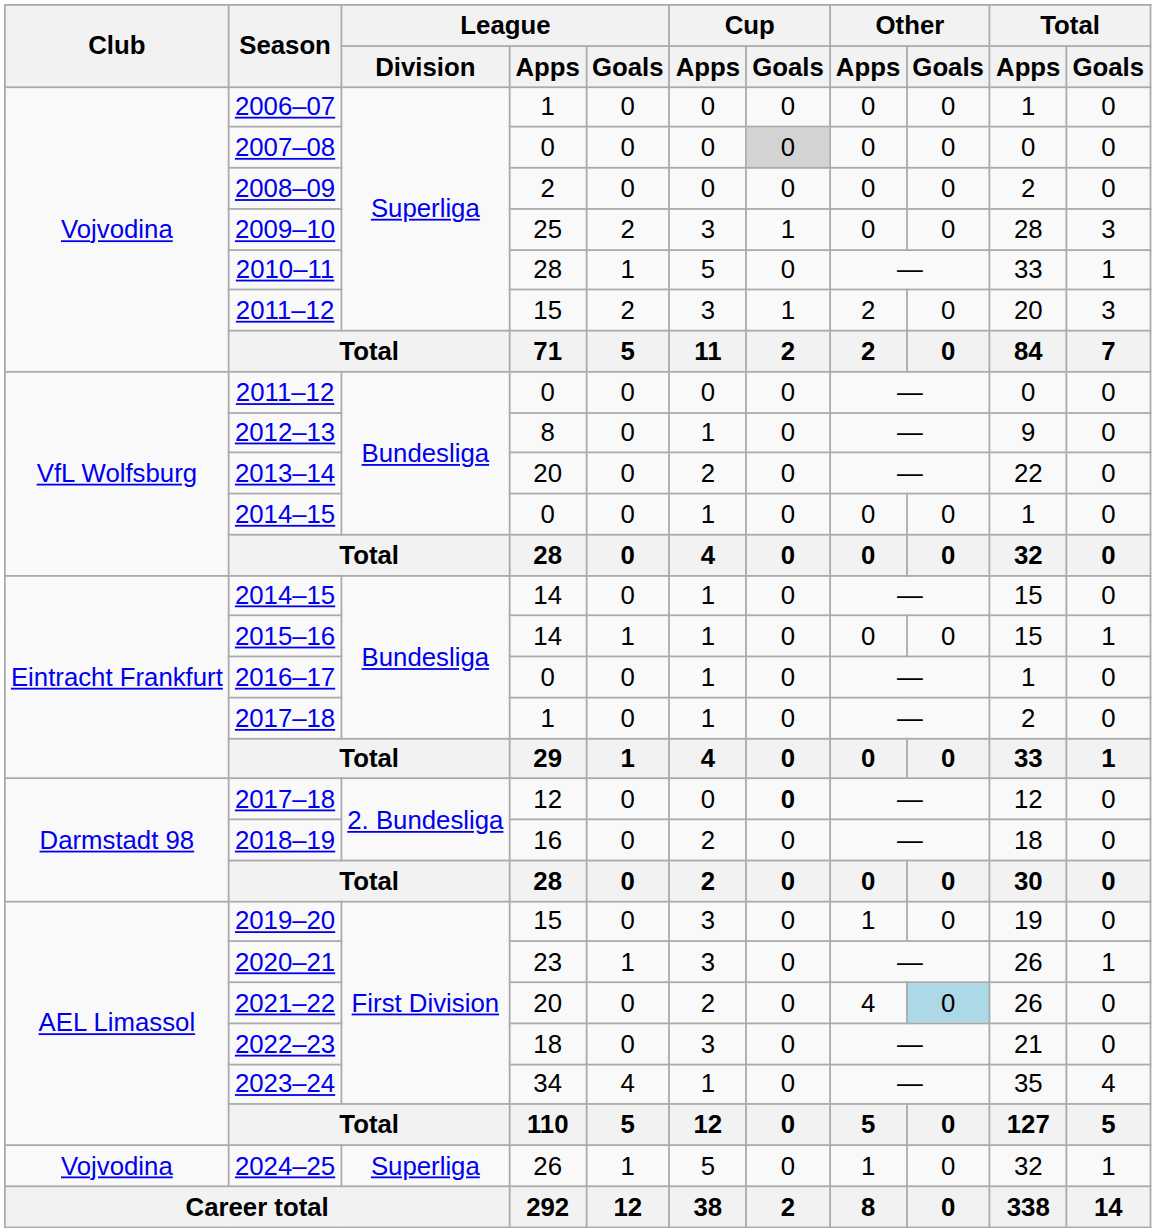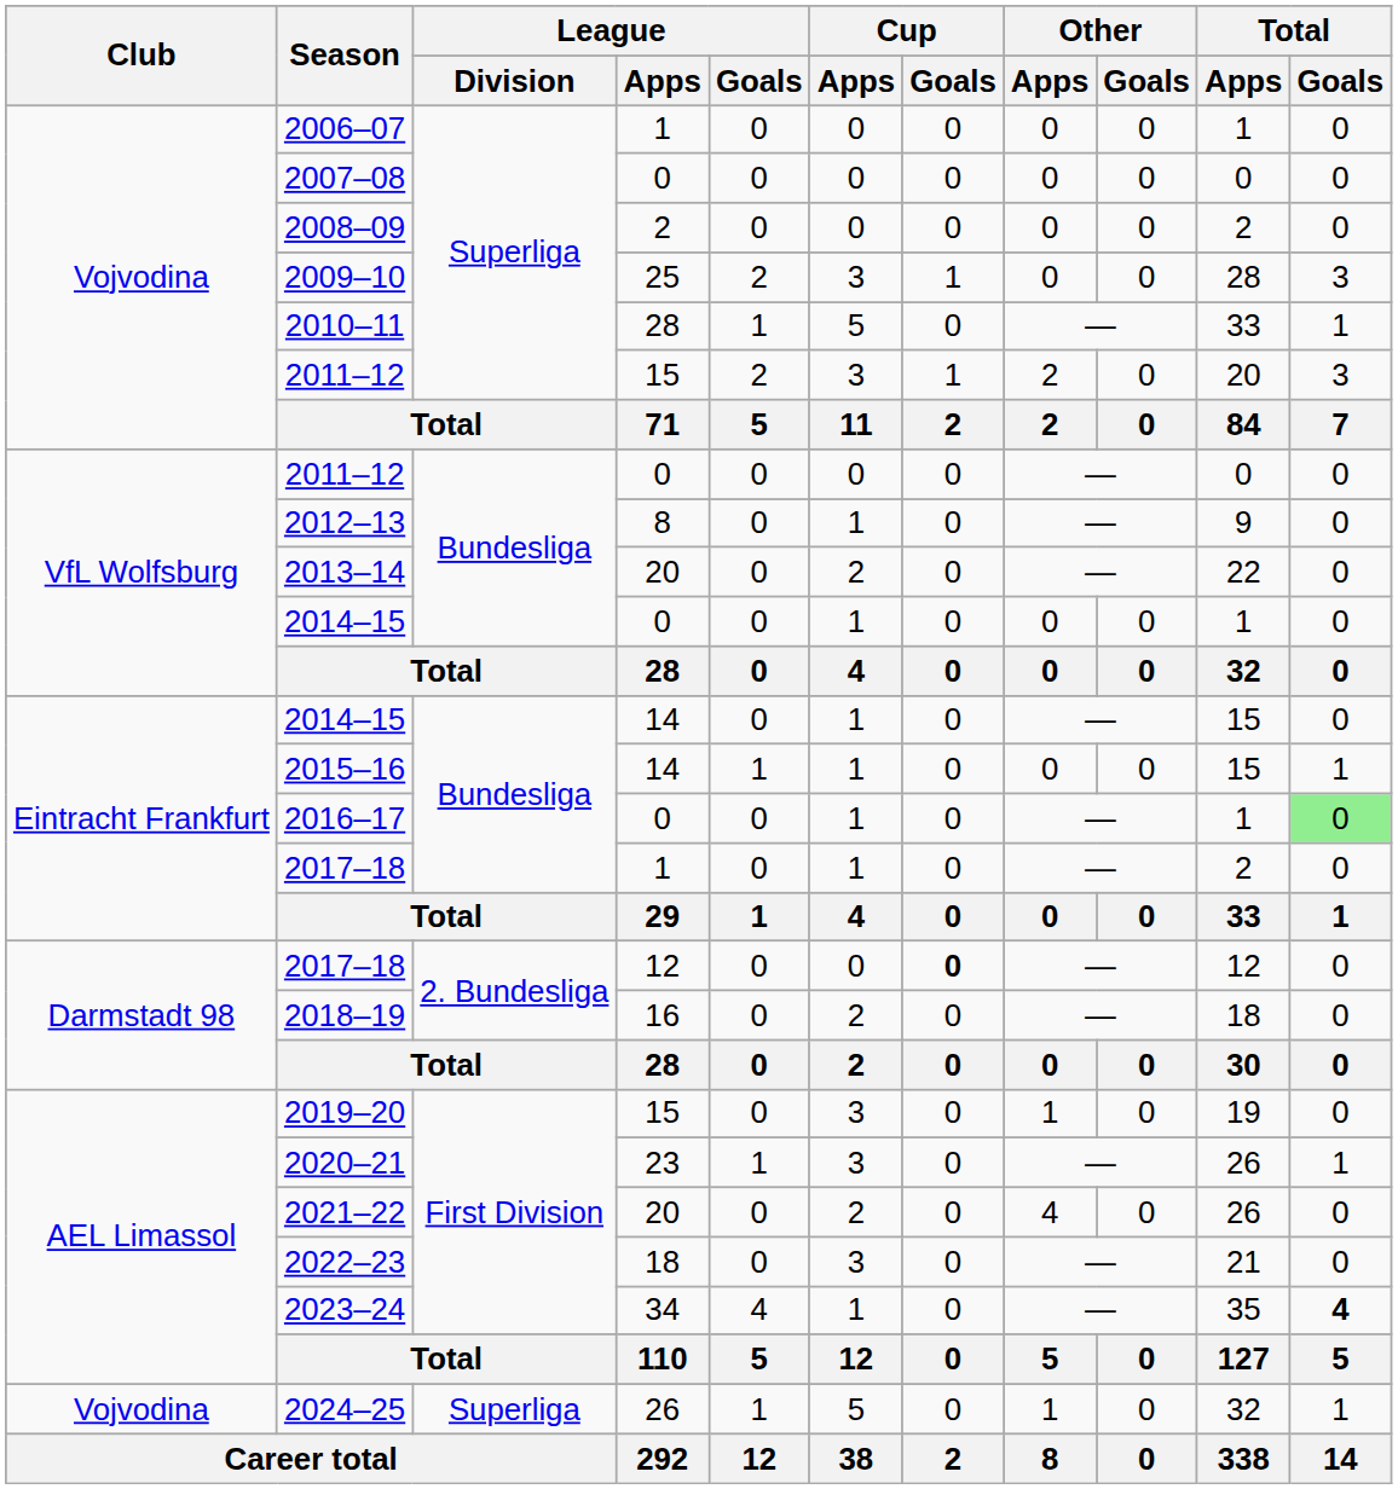 <table class="wikitable" style="text-align:center; font-size:90%">
 <tr>
 <th rowspan="2">Club</th>
 <th rowspan="2">Season</th>
 <th colspan="3">League</th>
 <th colspan="2">Cup</th>
 <th colspan="2">Other</th>
 <th colspan="2">Total</th>
 </tr>
 <tr>
 <th>Division</th>
 <th>Apps</th>
 <th>Goals</th>
 <th>Apps</th>
 <th>Goals</th>
 <th>Apps</th>
 <th>Goals</th>
 <th>Apps</th>
 <th>Goals</th>
 </tr>
 <tr>
 <td rowspan="7"><a href='#'>Vojvodina</a></td>
 <td><a href='#'>2006–07</a></td>
 <td rowspan="6"><a href='#'>Superliga</a></td>
 <td>1</td>
 <td>0</td>
 <td>0</td>
 <td>0</td>
 <td>0</td>
 <td>0</td>
 <td>1</td>
 <td>0</td>
 </tr>
 <tr>
 <td><a href='#'>2007–08</a></td>
 <td>0</td>
 <td>0</td>
 <td>0</td>
-<td style="background: lightgrey;">0</td>
+<td>0</td>
 <td>0</td>
 <td>0</td>
 <td>0</td>
 <td>0</td>
 </tr>
 <tr>
 <td><a href='#'>2008–09</a></td>
 <td>2</td>
 <td>0</td>
 <td>0</td>
 <td>0</td>
 <td>0</td>
 <td>0</td>
 <td>2</td>
 <td>0</td>
 </tr>
 <tr>
 <td><a href='#'>2009–10</a></td>
 <td>25</td>
 <td>2</td>
 <td>3</td>
 <td>1</td>
 <td>0</td>
 <td>0</td>
 <td>28</td>
 <td>3</td>
 </tr>
 <tr>
 <td><a href='#'>2010–11</a></td>
 <td>28</td>
 <td>1</td>
 <td>5</td>
 <td>0</td>
 <td colspan="2">—</td>
 <td>33</td>
 <td>1</td>
 </tr>
 <tr>
 <td><a href='#'>2011–12</a></td>
 <td>15</td>
 <td>2</td>
 <td>3</td>
 <td>1</td>
 <td>2</td>
 <td>0</td>
 <td>20</td>
 <td>3</td>
 </tr>
 <tr>
 <th colspan="2">Total</th>
 <th>71</th>
 <th>5</th>
 <th>11</th>
 <th>2</th>
 <th>2</th>
 <th>0</th>
 <th>84</th>
 <th>7</th>
 </tr>
 <tr>
 <td rowspan="5"><a href='#'>VfL Wolfsburg</a></td>
 <td><a href='#'>2011–12</a></td>
 <td rowspan="4"><a href='#'>Bundesliga</a></td>
 <td>0</td>
 <td>0</td>
 <td>0</td>
 <td>0</td>
 <td colspan="2">—</td>
 <td>0</td>
 <td>0</td>
 </tr>
 <tr>
 <td><a href='#'>2012–13</a></td>
 <td>8</td>
 <td>0</td>
 <td>1</td>
 <td>0</td>
 <td colspan="2">—</td>
 <td>9</td>
 <td>0</td>
 </tr>
 <tr>
 <td><a href='#'>2013–14</a></td>
 <td>20</td>
 <td>0</td>
 <td>2</td>
 <td>0</td>
 <td colspan="2">—</td>
 <td>22</td>
 <td>0</td>
 </tr>
 <tr>
 <td><a href='#'>2014–15</a></td>
 <td>0</td>
 <td>0</td>
 <td>1</td>
 <td>0</td>
 <td>0</td>
 <td>0</td>
 <td>1</td>
 <td>0</td>
 </tr>
 <tr>
 <th colspan="2">Total</th>
 <th>28</th>
 <th>0</th>
 <th>4</th>
 <th>0</th>
 <th>0</th>
 <th>0</th>
 <th>32</th>
 <th>0</th>
 </tr>
 <tr>
 <td rowspan="5"><a href='#'>Eintracht Frankfurt</a></td>
 <td><a href='#'>2014–15</a></td>
 <td rowspan="4"><a href='#'>Bundesliga</a></td>
 <td>14</td>
 <td>0</td>
 <td>1</td>
 <td>0</td>
 <td colspan="2">—</td>
 <td>15</td>
 <td>0</td>
 </tr>
 <tr>
 <td><a href='#'>2015–16</a></td>
 <td>14</td>
 <td>1</td>
 <td>1</td>
 <td>0</td>
 <td>0</td>
 <td>0</td>
 <td>15</td>
 <td>1</td>
 </tr>
 <tr>
 <td><a href='#'>2016–17</a></td>
 <td>0</td>
 <td>0</td>
 <td>1</td>
 <td>0</td>
 <td colspan="2">—</td>
 <td>1</td>
-<td>0</td>
+<td style="background: lightgreen;">0</td>
 </tr>
 <tr>
 <td><a href='#'>2017–18</a></td>
 <td>1</td>
 <td>0</td>
 <td>1</td>
 <td>0</td>
 <td colspan="2">—</td>
 <td>2</td>
 <td>0</td>
 </tr>
 <tr>
 <th colspan="2">Total</th>
 <th>29</th>
 <th>1</th>
 <th>4</th>
 <th>0</th>
 <th>0</th>
 <th>0</th>
 <th>33</th>
 <th>1</th>
 </tr>
 <tr>
 <td rowspan="3"><a href='#'>Darmstadt 98</a></td>
 <td><a href='#'>2017–18</a></td>
 <td rowspan="2"><a href='#'>2. Bundesliga</a></td>
 <td>12</td>
 <td>0</td>
 <td>0</td>
 <td><strong>0</strong></td>
 <td colspan="2">—</td>
 <td>12</td>
 <td>0</td>
 </tr>
 <tr>
 <td><a href='#'>2018–19</a></td>
 <td>16</td>
 <td>0</td>
 <td>2</td>
 <td>0</td>
 <td colspan="2">—</td>
 <td>18</td>
 <td>0</td>
 </tr>
 <tr>
 <th colspan="2">Total</th>
 <th>28</th>
 <th>0</th>
 <th>2</th>
 <th>0</th>
 <th>0</th>
 <th>0</th>
 <th>30</th>
 <th>0</th>
 </tr>
 <tr>
 <td rowspan="6"><a href='#'>AEL Limassol</a></td>
 <td><a href='#'>2019–20</a></td>
 <td rowspan="5"><a href='#'>First Division</a></td>
 <td>15</td>
 <td>0</td>
 <td>3</td>
 <td>0</td>
 <td>1</td>
 <td>0</td>
 <td>19</td>
 <td>0</td>
 </tr>
 <tr>
 <td><a href='#'>2020–21</a></td>
 <td>23</td>
 <td>1</td>
 <td>3</td>
 <td>0</td>
 <td colspan="2">—</td>
 <td>26</td>
 <td>1</td>
 </tr>
 <tr>
 <td><a href='#'>2021–22</a></td>
 <td>20</td>
 <td>0</td>
 <td>2</td>
 <td>0</td>
 <td>4</td>
-<td style="background: lightblue;">0</td>
+<td>0</td>
 <td>26</td>
 <td>0</td>
 </tr>
 <tr>
 <td><a href='#'>2022–23</a></td>
 <td>18</td>
 <td>0</td>
 <td>3</td>
 <td>0</td>
 <td colspan="2">—</td>
 <td>21</td>
 <td>0</td>
 </tr>
 <tr>
 <td><a href='#'>2023–24</a></td>
 <td>34</td>
 <td>4</td>
 <td>1</td>
 <td>0</td>
 <td colspan="2">—</td>
 <td>35</td>
-<td>4</td>
+<td><strong>4</strong></td>
 </tr>
 <tr>
 <th colspan="2">Total</th>
 <th>110</th>
 <th>5</th>
 <th>12</th>
 <th>0</th>
 <th>5</th>
 <th>0</th>
 <th>127</th>
 <th>5</th>
 </tr>
 <tr>
 <td><a href='#'>Vojvodina</a></td>
 <td><a href='#'>2024–25</a></td>
 <td><a href='#'>Superliga</a></td>
 <td>26</td>
 <td>1</td>
 <td>5</td>
 <td>0</td>
 <td>1</td>
 <td>0</td>
 <td>32</td>
 <td>1</td>
 </tr>
 <tr>
 <th colspan="3">Career total</th>
 <th>292</th>
 <th>12</th>
 <th>38</th>
 <th>2</th>
 <th>8</th>
 <th>0</th>
 <th>338</th>
 <th>14</th>
 </tr>
 </table>
